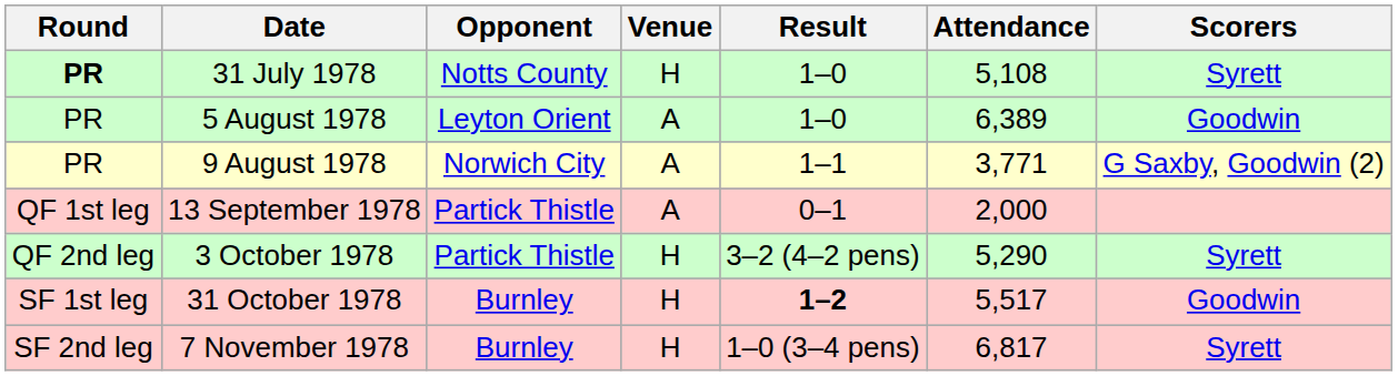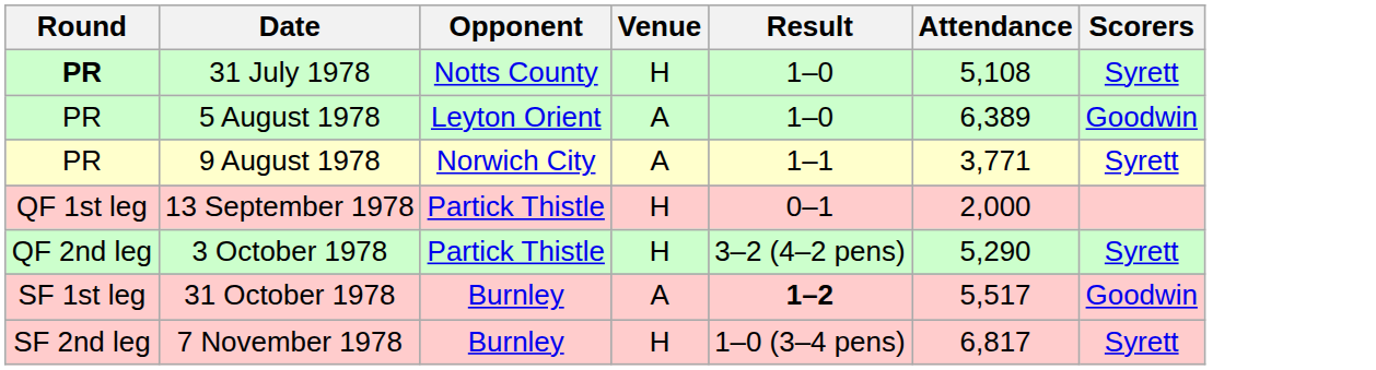 <table class="wikitable" style="font-size:100%; text-align:center">
 <tr>
 <th>Round</th>
 <th>Date</th>
 <th>Opponent</th>
 <th>Venue</th>
 <th>Result</th>
 <th>Attendance</th>
 <th>Scorers</th>
 </tr>
 <tr style="background-color: #CCFFCC;">
 <td><strong>PR</strong></td>
 <td>31 July 1978</td>
 <td><a href='#'>Notts County</a></td>
 <td>H</td>
 <td>1–0</td>
 <td>5,108</td>
 <td><a href='#'>Syrett</a></td>
 </tr>
 <tr style="background-color: #CCFFCC;">
 <td>PR</td>
 <td>5 August 1978</td>
 <td><a href='#'>Leyton Orient</a></td>
 <td>A</td>
 <td>1–0</td>
 <td>6,389</td>
 <td><a href='#'>Goodwin</a></td>
 </tr>
 <tr style="background-color: #FFFFCC;">
 <td>PR</td>
 <td>9 August 1978</td>
 <td><a href='#'>Norwich City</a></td>
 <td>A</td>
 <td>1–1</td>
 <td>3,771</td>
-<td><a href='#'>G Saxby</a>, <a href='#'>Goodwin</a> (2)</td>
+<td><a href='#'>Syrett</a></td>
 </tr>
 <tr style="background-color: #FFCCCC;">
 <td>QF 1st leg</td>
 <td>13 September 1978</td>
 <td><a href='#'>Partick Thistle</a></td>
-<td>A</td>
+<td>H</td>
 <td>0–1</td>
 <td>2,000</td>
 <td></td>
 </tr>
 <tr style="background-color: #CCFFCC;">
 <td>QF 2nd leg</td>
 <td>3 October 1978</td>
 <td><a href='#'>Partick Thistle</a></td>
 <td>H</td>
 <td>3–2 (4–2 pens)</td>
 <td>5,290</td>
 <td><a href='#'>Syrett</a></td>
 </tr>
 <tr style="background-color: #FFCCCC;">
 <td>SF 1st leg</td>
 <td>31 October 1978</td>
 <td><a href='#'>Burnley</a></td>
-<td>H</td>
+<td>A</td>
 <td><strong>1–2</strong></td>
 <td>5,517</td>
 <td><a href='#'>Goodwin</a></td>
 </tr>
 <tr style="background-color: #FFCCCC;">
 <td>SF 2nd leg</td>
 <td>7 November 1978</td>
 <td><a href='#'>Burnley</a></td>
 <td>H</td>
 <td>1–0 (3–4 pens)</td>
 <td>6,817</td>
 <td><a href='#'>Syrett</a></td>
 </tr>
 </table>
